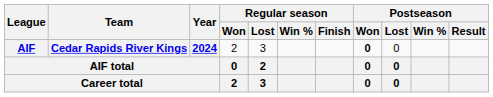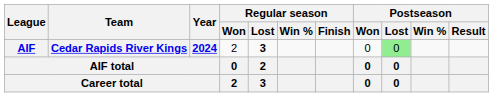 <table class="wikitable" style="font-size: 95%; text-align:center;">
 <tr>
 <th rowspan=2>League</th>
 <th rowspan=2>Team</th>
 <th rowspan=2>Year</th>
 <th colspan=4>Regular season</th>
 <th colspan=4>Postseason</th>
 </tr>
 <tr>
 <th>Won</th>
 <th>Lost</th>
 <th>Win %</th>
 <th>Finish</th>
 <th>Won</th>
 <th>Lost</th>
 <th>Win %</th>
 <th>Result</th>
 </tr>
 <tr ! |->
 <th><a href='#'>AIF</a></th>
 <th><a href='#'>Cedar Rapids River Kings</a></th>
 <th><a href='#'>2024</a></th>
 <td>2</td>
-<td>3</td>
+<td><strong>3</strong></td>
 <td></td>
 <td></td>
-<td><strong>0</strong></td>
 <td>0</td>
+<td style="background: lightgreen;">0</td>
 <td></td>
 <td></td>
 </tr>
 <tr>
 <th colspan=3>AIF total</th>
 <th>0</th>
 <th>2</th>
 <th></th>
 <th></th>
 <th>0</th>
 <th>0</th>
 <th></th>
 <th></th>
 </tr>
 <tr>
 <th colspan=3>Career total</th>
 <th>2</th>
 <th>3</th>
 <th></th>
 <th></th>
 <th>0</th>
 <th>0</th>
 <th></th>
 <th></th>
 </tr>
 </table>
